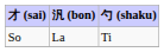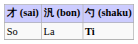 <table class="wikitable">
 <tr>
 <th style="background-color:#ccf">才 (sai)</th>
 <th style="background-color:#ccf">汎 (bon)</th>
 <th style="background-color:#ccf">勺 (shaku)</th>
 </tr>
 <tr>
 <td>So</td>
 <td>La</td>
-<td>Ti</td>
+<td><strong>Ti</strong></td>
 </tr>
 <tr>
 </tr>
 </table>
